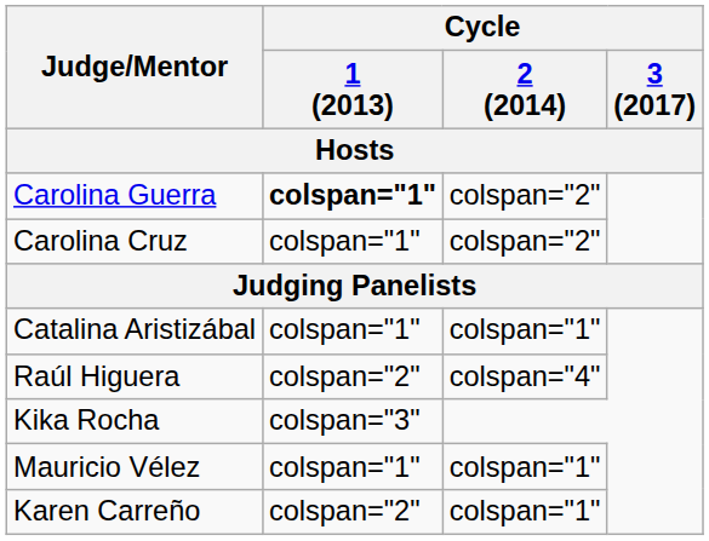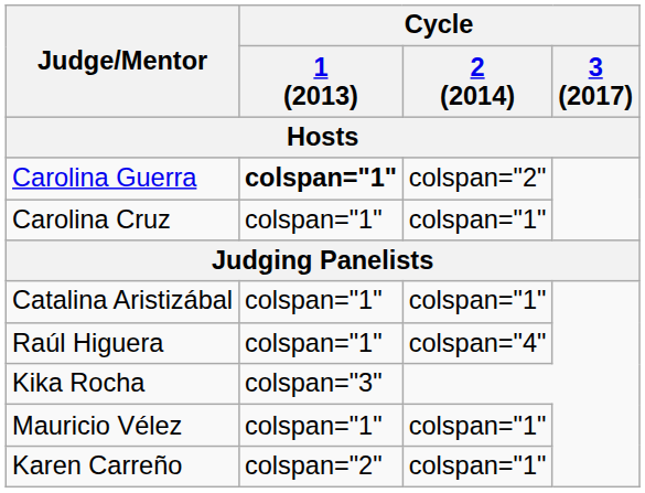 <table class="wikitable" style="margin:1em auto 1em auto;">
 <tr>
 <th rowspan="2">Judge/Mentor</th>
 <th colspan="3">Cycle</th>
 </tr>
 <tr>
 <th><a href='#'>1</a><br> (2013)</th>
 <th><a href='#'>2</a><br> (2014)</th>
 <th><a href='#'>3</a><br> (2017)</th>
 </tr>
 <tr>
 <th scope="col" colspan="4">Hosts</th>
 </tr>
 <tr>
 <td scope="row"><a href='#'>Carolina Guerra</a></td>
 <td><strong>colspan="1" </strong></td>
 <td>colspan="2" </td>
 </tr>
 <tr>
 <td scope="row">Carolina Cruz</td>
 <td>colspan="1" </td>
-<td>colspan="2" </td>
+<td>colspan="1" </td>
 </tr>
 <tr>
 <th scope="col" colspan="4">Judging Panelists</th>
 </tr>
 <tr>
 <td scope="row">Catalina Aristizábal</td>
 <td>colspan="1" </td>
 <td>colspan="1" </td>
 </tr>
 <tr>
 <td scope="row">Raúl Higuera</td>
-<td>colspan="2" </td>
+<td>colspan="1" </td>
 <td>colspan="4" </td>
 </tr>
 <tr>
 <td scope="row">Kika Rocha</td>
 <td>colspan="3" </td>
 </tr>
 <tr>
 <td scope="row">Mauricio Vélez</td>
 <td>colspan="1" </td>
 <td>colspan="1" </td>
 </tr>
 <tr>
 <td scope="row">Karen Carreño</td>
 <td>colspan="2" </td>
 <td>colspan="1" </td>
 </tr>
 </table>
